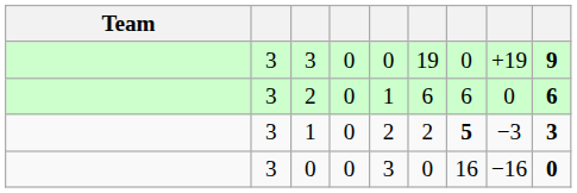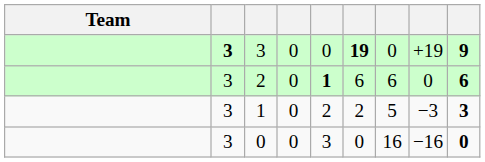 <table class="wikitable" style="text-align:center;">
 <tr>
 <th width="165">Team</th>
 <th width="20"></th>
 <th width="20"></th>
 <th width="20"></th>
 <th width="20"></th>
 <th width="20"></th>
 <th width="20"></th>
 <th width="20"></th>
 <th width="20"><br></th>
 </tr>
 <tr bgcolor="#ccffcc">
 <td style="text-align:left;"></td>
-<td>3</td>
+<td><strong>3</strong></td>
 <td>3</td>
 <td>0</td>
 <td>0</td>
-<td>19</td>
+<td><strong>19</strong></td>
 <td>0</td>
 <td>+19</td>
 <td><strong>9</strong></td>
 </tr>
 <tr bgcolor="#ccffcc">
 <td style="text-align:left;"></td>
 <td>3</td>
 <td>2</td>
 <td>0</td>
-<td>1</td>
+<td><strong>1</strong></td>
 <td>6</td>
 <td>6</td>
 <td>0</td>
 <td><strong>6</strong></td>
 </tr>
 <tr align=center bgcolor="">
 <td style="text-align:left;"></td>
 <td>3</td>
 <td>1</td>
 <td>0</td>
 <td>2</td>
 <td>2</td>
-<td><strong>5</strong></td>
+<td>5</td>
 <td>−3</td>
 <td><strong>3</strong></td>
 </tr>
 <tr align=center bgcolor="">
 <td style="text-align:left;"></td>
 <td>3</td>
 <td>0</td>
 <td>0</td>
 <td>3</td>
 <td>0</td>
 <td>16</td>
 <td>−16</td>
 <td><strong>0</strong></td>
 </tr>
 </table>
